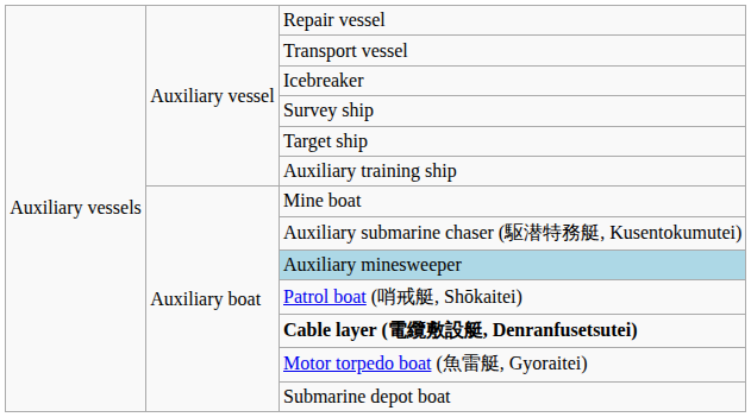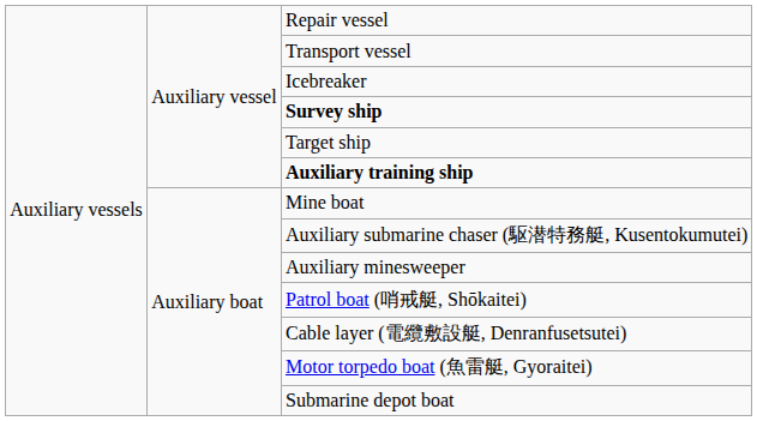 <table class="wikitable">
 <tr>
 <td rowspan="13">Auxiliary vessels</td>
 <td rowspan="6">Auxiliary vessel</td>
 <td>Repair vessel</td>
 </tr>
 <tr>
 <td>Transport vessel</td>
 </tr>
 <tr>
 <td>Icebreaker</td>
 </tr>
 <tr>
-<td>Survey ship</td>
+<td><strong>Survey ship</strong></td>
 </tr>
 <tr>
 <td>Target ship</td>
 </tr>
 <tr>
-<td>Auxiliary training ship</td>
+<td><strong>Auxiliary training ship</strong></td>
 </tr>
 <tr>
 <td rowspan="7">Auxiliary boat</td>
 <td>Mine boat</td>
 </tr>
 <tr>
 <td>Auxiliary submarine chaser (駆潜特務艇, Kusentokumutei)</td>
 </tr>
 <tr>
-<td style="background: lightblue;">Auxiliary minesweeper</td>
+<td>Auxiliary minesweeper</td>
 </tr>
 <tr>
 <td><a href='#'>Patrol boat</a> (哨戒艇, Shōkaitei)</td>
 </tr>
 <tr>
-<td><strong>Cable layer (電纜敷設艇, Denranfusetsutei)</strong></td>
+<td>Cable layer (電纜敷設艇, Denranfusetsutei)</td>
 </tr>
 <tr>
 <td><a href='#'>Motor torpedo boat</a> (魚雷艇, Gyoraitei)</td>
 </tr>
 <tr>
 <td>Submarine depot boat</td>
 </tr>
 <tr>
 </tr>
 </table>
